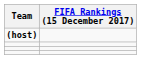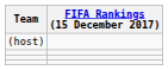 <table class="wikitable sortable" style="text-align: left;">
 <tr>
 <th>Team</th>
 <th><a href='#'>FIFA Rankings</a><br>(15 December 2017)</th>
 </tr>
 <tr>
-<td><strong> (host)</strong></td>
+<td> (host)</td>
 <td></td>
 </tr>
 <tr>
 <td></td>
 <td></td>
 </tr>
 <tr>
 <td></td>
 <td></td>
 </tr>
 <tr>
 <td></td>
 <td></td>
 </tr>
 </table>
